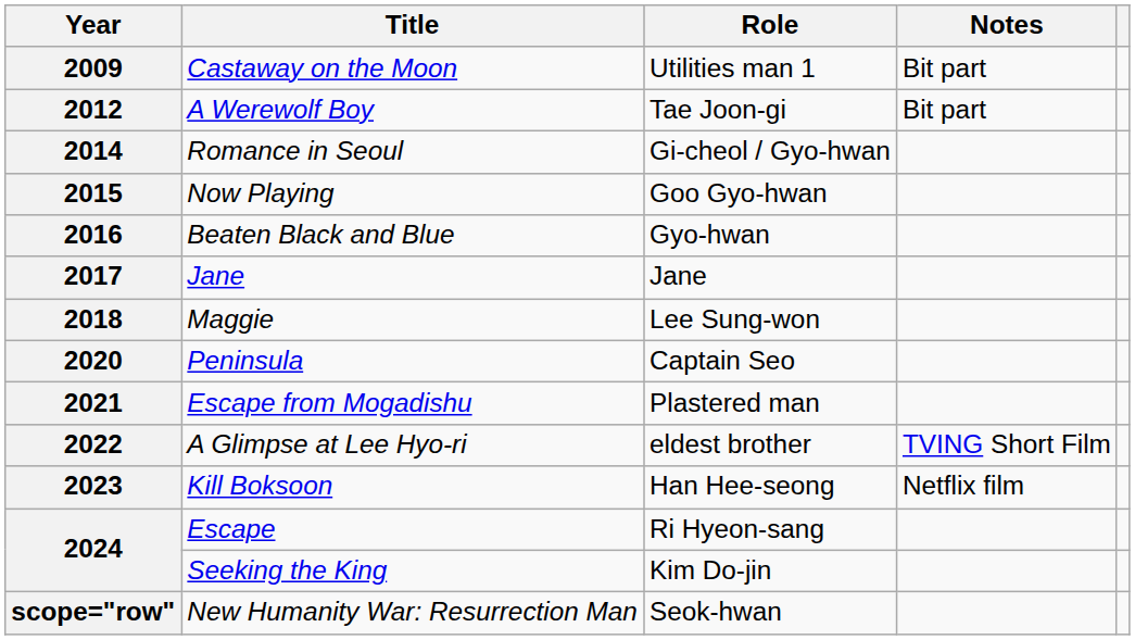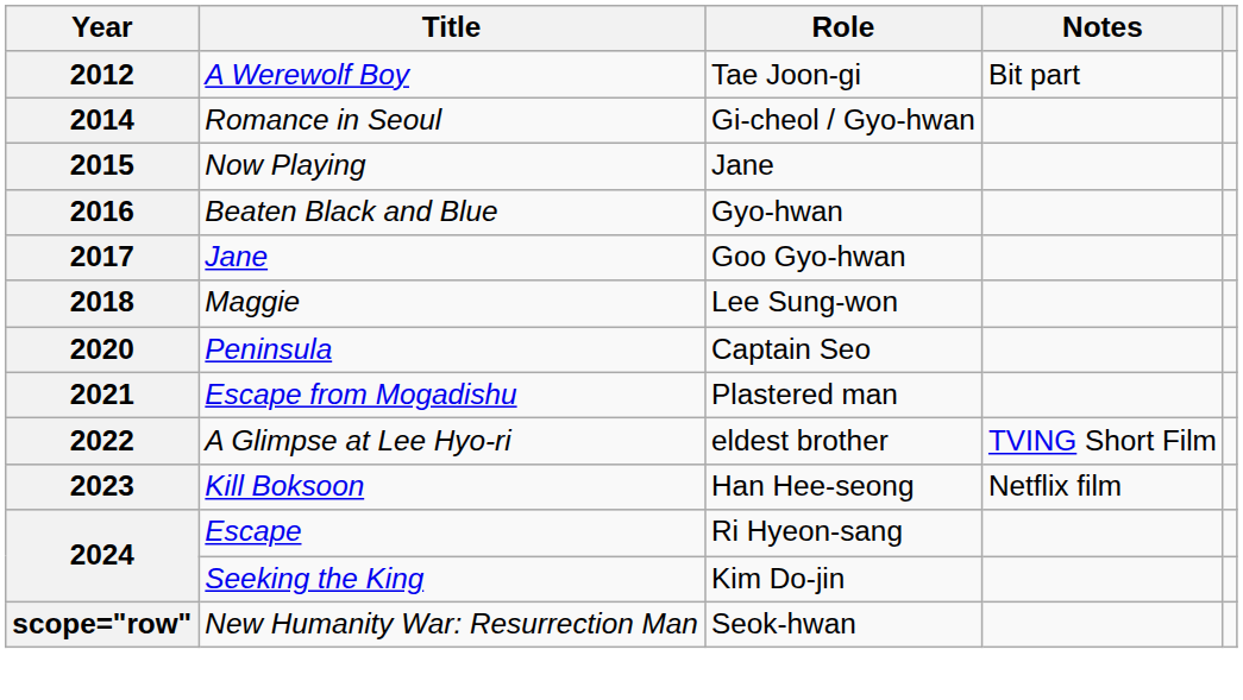 <table class="wikitable plainrowheaders sortable">
 <tr>
 <th scope="col">Year</th>
 <th scope="col">Title</th>
 <th scope="col">Role</th>
 <th scope="col">Notes</th>
 <th scope="col" class="unsortable"></th>
-</tr>
-<tr>
-<th scope="row">2009</th>
-<td><em><a href='#'>Castaway on the Moon</a></em></td>
-<td>Utilities man 1</td>
-<td>Bit part</td>
-<td style="text-align:center"></td>
 </tr>
 <tr>
 <th scope="row">2012</th>
 <td><em><a href='#'>A Werewolf Boy</a></em></td>
 <td>Tae Joon-gi</td>
 <td>Bit part</td>
 <td style="text-align:center"></td>
 </tr>
 <tr>
 <th scope="row">2014</th>
 <td><em>Romance in Seoul</em></td>
 <td>Gi-cheol / Gyo-hwan</td>
 <td></td>
 <td style="text-align:center"></td>
 </tr>
 <tr>
 <th scope="row">2015</th>
 <td><em>Now Playing</em></td>
-<td>Goo Gyo-hwan</td>
+<td>Jane</td>
 <td></td>
 <td style="text-align:center"></td>
 </tr>
 <tr>
 <th scope="row">2016</th>
 <td><em>Beaten Black and Blue</em></td>
 <td>Gyo-hwan</td>
 <td></td>
 <td style="text-align:center"></td>
 </tr>
 <tr>
 <th scope="row">2017</th>
 <td><em><a href='#'>Jane</a></em></td>
-<td>Jane</td>
+<td>Goo Gyo-hwan</td>
 <td></td>
 <td style="text-align:center"></td>
 </tr>
 <tr>
 <th scope="row">2018</th>
 <td><em>Maggie</em></td>
 <td>Lee Sung-won</td>
 <td></td>
 <td style="text-align:center"></td>
 </tr>
 <tr>
 <th scope="row">2020</th>
 <td><em><a href='#'>Peninsula</a></em></td>
 <td>Captain Seo</td>
 <td></td>
 <td style="text-align:center"></td>
 </tr>
 <tr>
 <th scope="row">2021</th>
 <td><em><a href='#'>Escape from Mogadishu</a></em></td>
 <td>Plastered man</td>
 <td></td>
 <td style="text-align:center"></td>
 </tr>
 <tr>
 <th scope="row">2022</th>
 <td><em>A Glimpse at Lee Hyo-ri</em></td>
 <td>eldest brother</td>
 <td><a href='#'>TVING</a> Short Film</td>
 <td style="text-align:center"></td>
 </tr>
 <tr>
 <th scope="row">2023</th>
 <td><em><a href='#'>Kill Boksoon</a></em></td>
 <td>Han Hee-seong</td>
 <td>Netflix film</td>
 <td style="text-align:center"></td>
 </tr>
 <tr>
 <th scope="row" rowspan="2">2024</th>
 <td><em><a href='#'>Escape</a></em></td>
 <td>Ri Hyeon-sang</td>
 <td></td>
 <td style="text-align:center"></td>
 </tr>
 <tr>
 <td><em><a href='#'>Seeking the King</a></em></td>
 <td>Kim Do-jin</td>
 <td></td>
 <td style="text-align:center"></td>
 </tr>
 <tr>
 <th>scope="row" </th>
 <td><em>New Humanity War: Resurrection Man</em></td>
 <td>Seok-hwan</td>
 <td></td>
 <td style="text-align:center"></td>
 </tr>
 </table>
